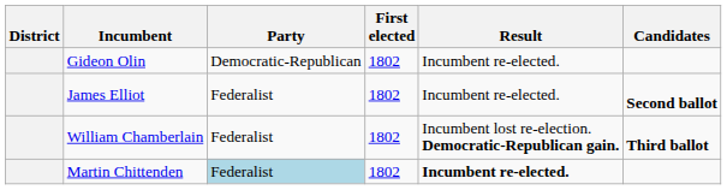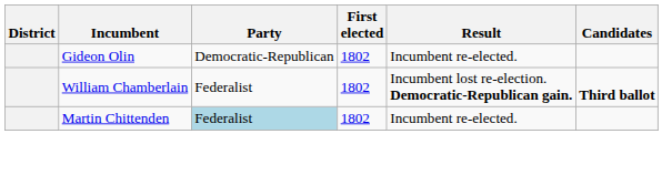 <table class=wikitable>
 <tr valign=bottom>
 <th>District</th>
 <th>Incumbent</th>
 <th>Party</th>
 <th>First<br>elected</th>
 <th>Result</th>
 <th>Candidates</th>
 </tr>
 <tr>
 <th><br></th>
 <td><a href='#'>Gideon Olin</a></td>
 <td>Democratic-Republican</td>
 <td><a href='#'>1802</a></td>
 <td>Incumbent re-elected.</td>
 <td nowrap></td>
 </tr>
 <tr>
 <th><br></th>
-<td><a href='#'>James Elliot</a></td>
-<td>Federalist</td>
-<td><a href='#'>1802</a></td>
-<td>Incumbent re-elected.</td>
-<td nowrap><br><strong>Second ballot </strong><br></td>
-</tr>
-<tr>
-<th><br></th>
 <td><a href='#'>William Chamberlain</a></td>
 <td>Federalist</td>
 <td><a href='#'>1802</a></td>
 <td>Incumbent lost re-election.<br><strong>Democratic-Republican gain.</strong></td>
 <td nowrap><br> <strong>Third ballot </strong> </td>
 </tr>
 <tr>
 <th><br></th>
 <td><a href='#'>Martin Chittenden</a></td>
 <td style="background: lightblue;">Federalist</td>
 <td><a href='#'>1802</a></td>
-<td><strong>Incumbent re-elected.</strong></td>
+<td>Incumbent re-elected.</td>
 <td nowrap></td>
 </tr>
 </table>
